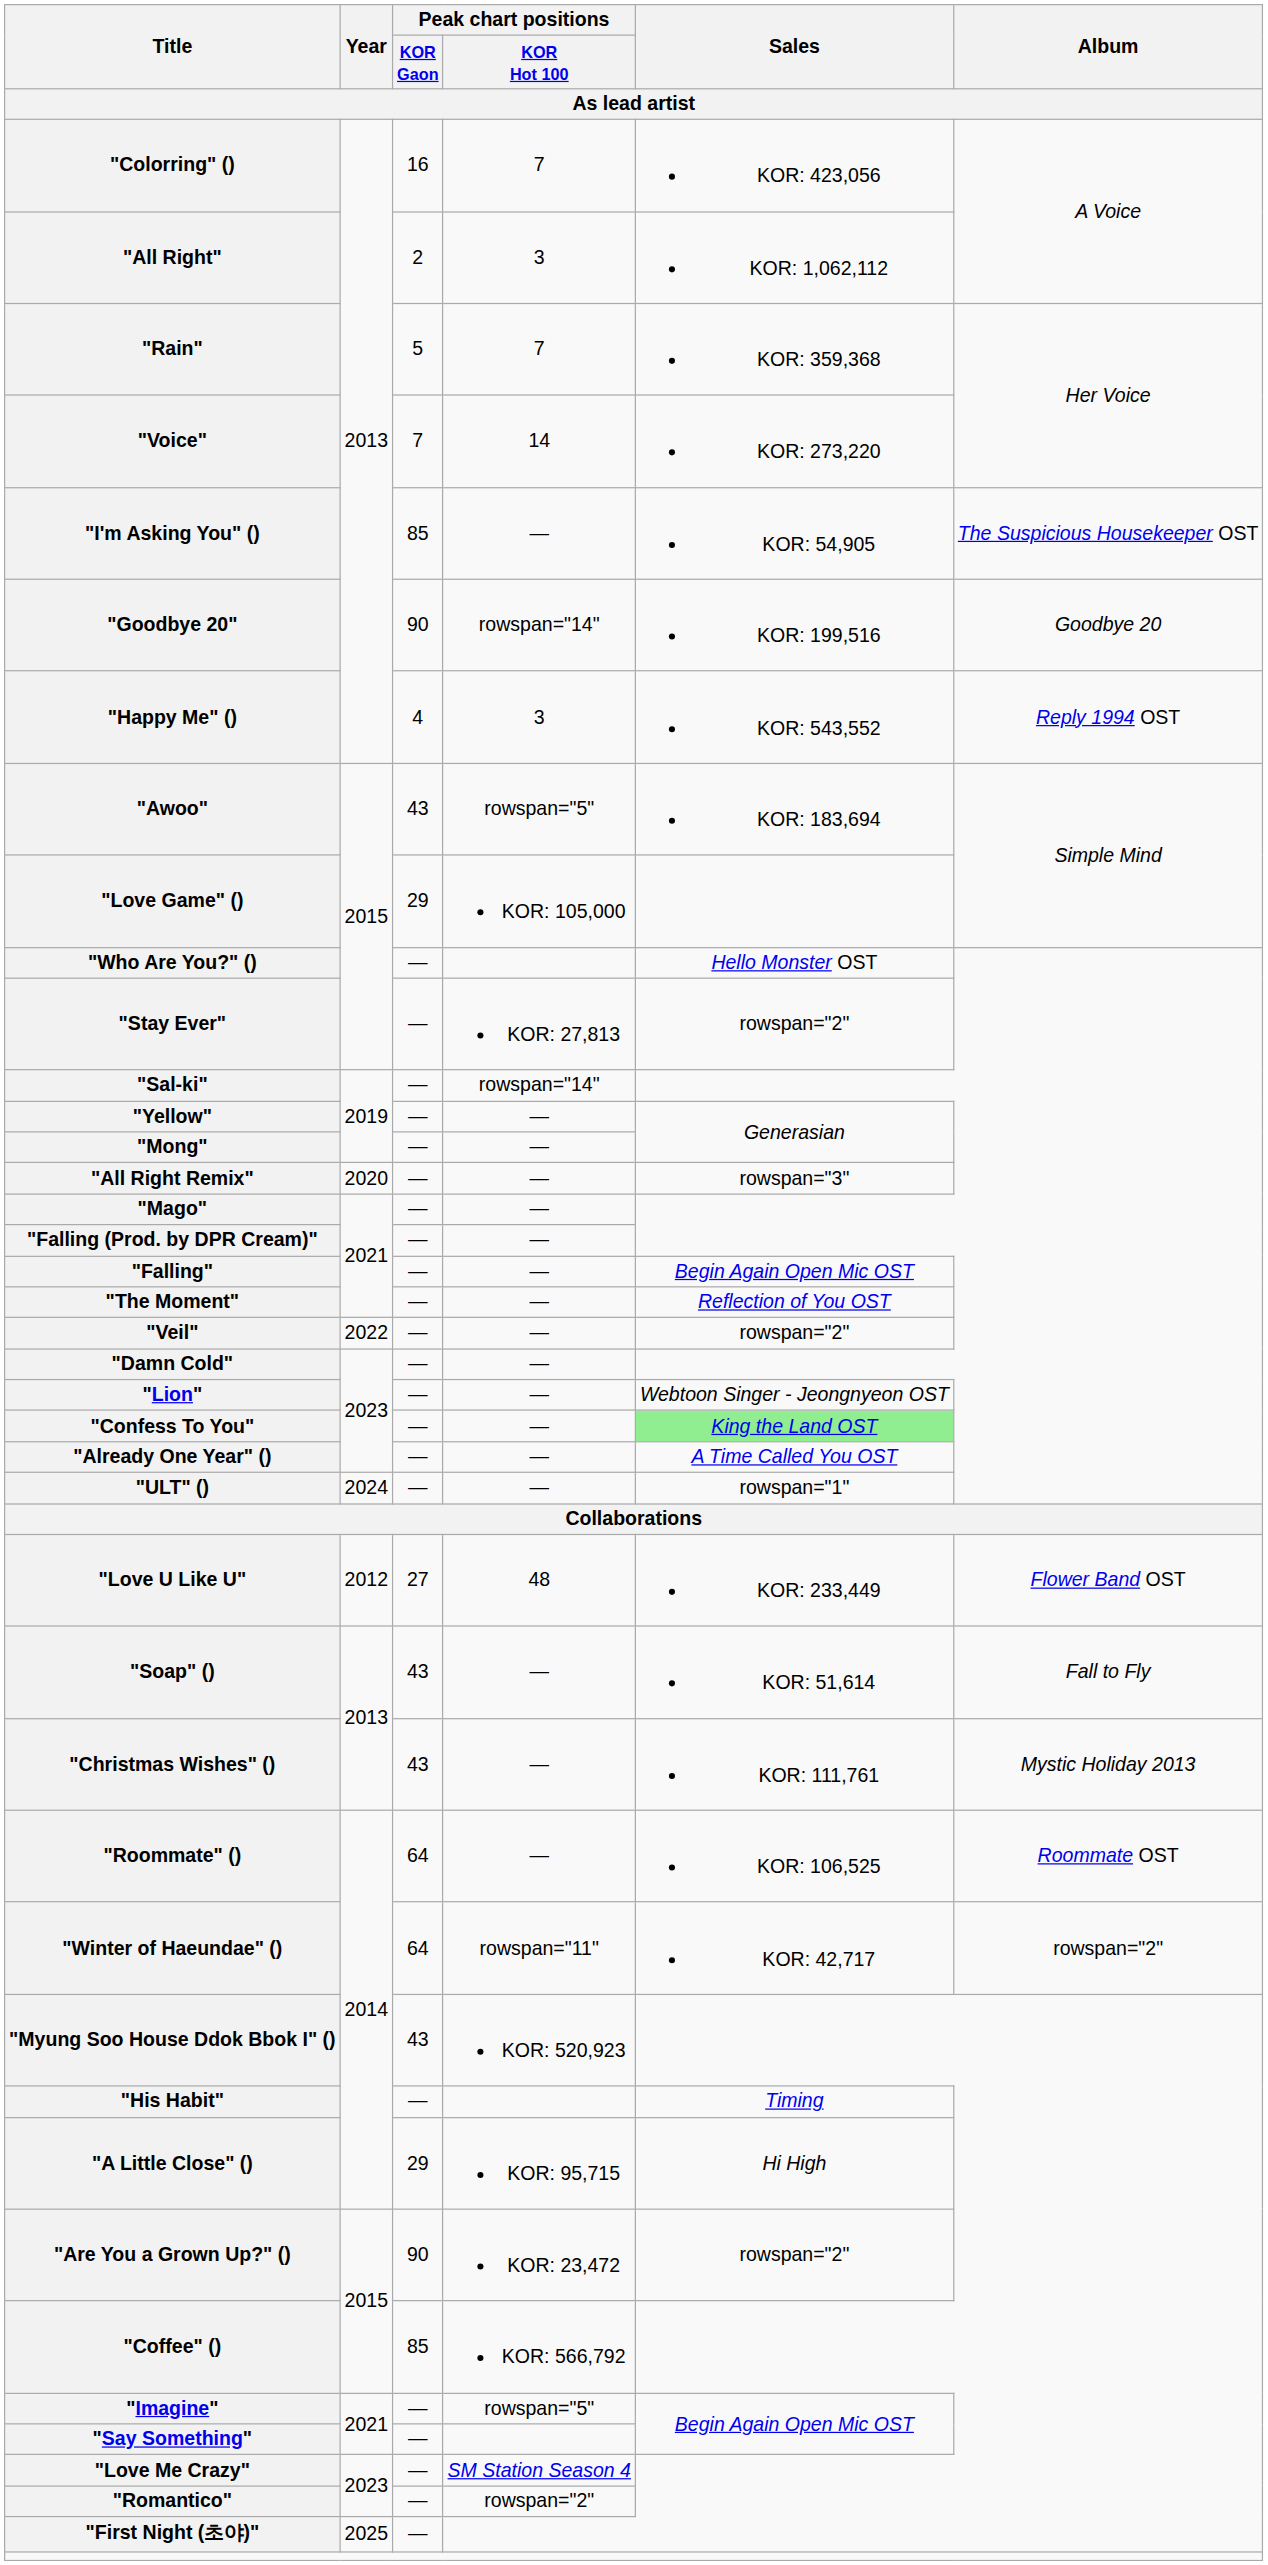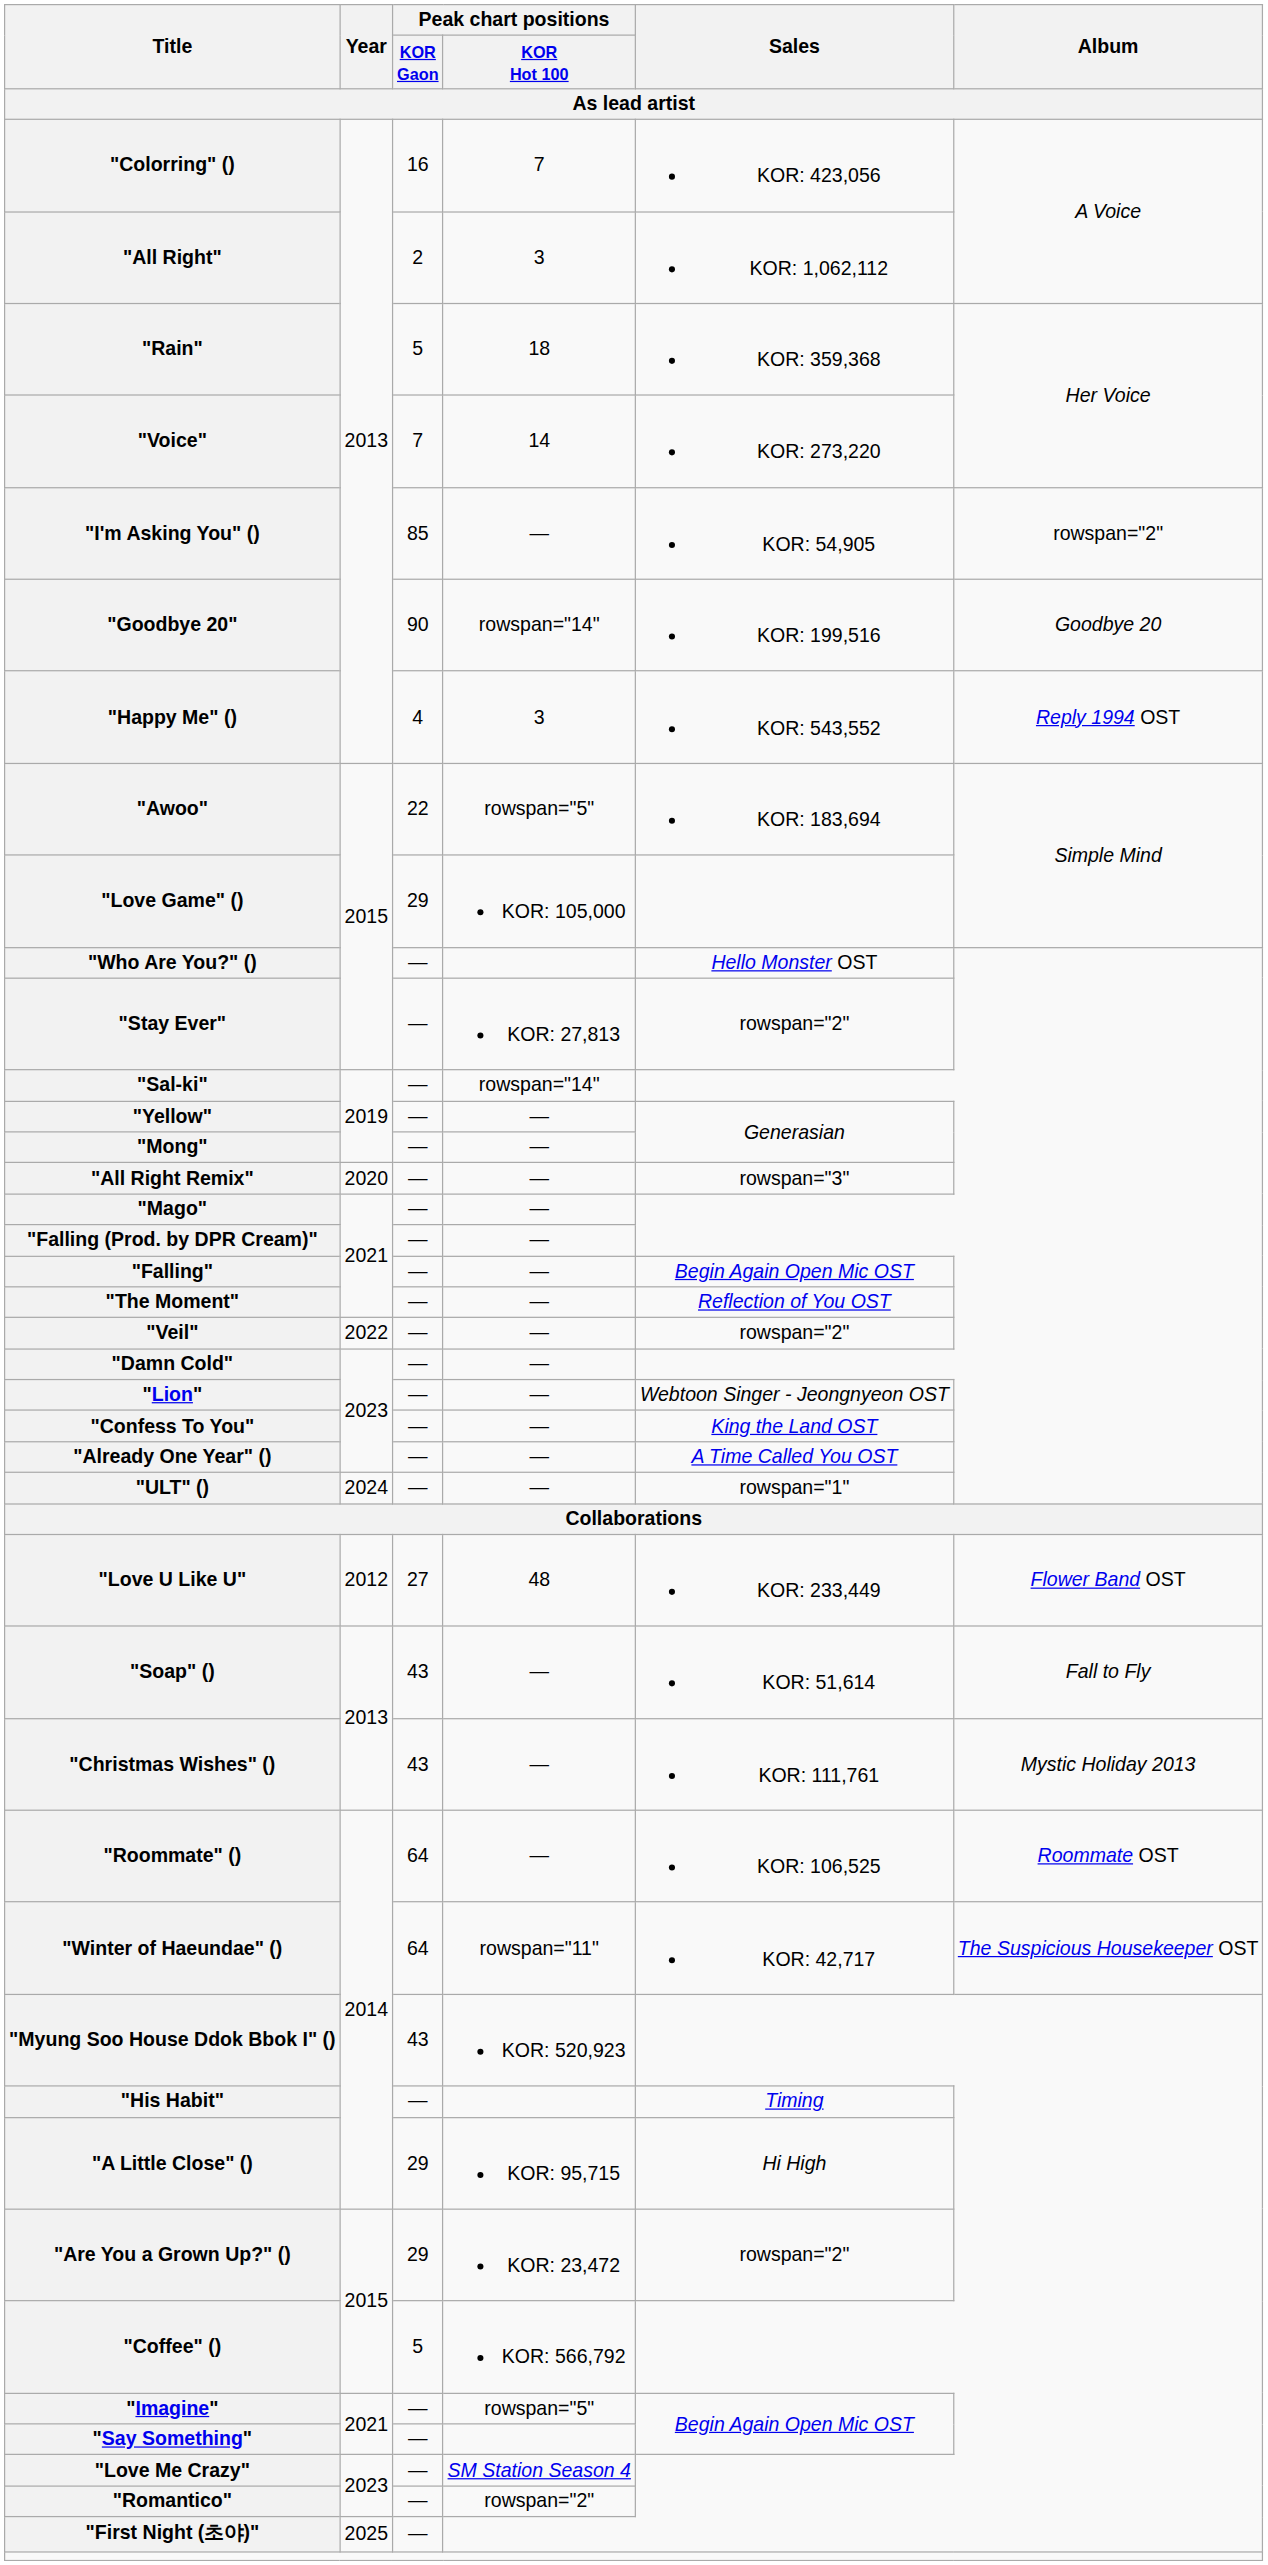 <table class="wikitable plainrowheaders" style="text-align:center;">
 <tr>
 <th scope="col" rowspan="2">Title</th>
 <th scope="col" rowspan="2">Year</th>
 <th scope="col" colspan="2" style="width:5em;">Peak chart positions</th>
 <th scope="col" rowspan="2">Sales</th>
 <th scope="col" rowspan="2">Album</th>
 </tr>
 <tr>
 <th><small><a href='#'>KOR<br>Gaon</a></small><br></th>
 <th><small><a href='#'>KOR<br>Hot 100</a></small><br></th>
 </tr>
 <tr>
 <th colspan="6">As lead artist</th>
 </tr>
 <tr>
 <th scope="row">"Colorring" ()</th>
 <td rowspan="7">2013</td>
 <td>16</td>
 <td>7</td>
 <td><br><ul><li>KOR: 423,056</li></ul></td>
 <td rowspan=2><em>A Voice</em></td>
 </tr>
 <tr>
 <th scope="row">"All Right"</th>
 <td>2</td>
 <td>3</td>
 <td><br><ul><li>KOR: 1,062,112</li></ul></td>
 </tr>
 <tr>
 <th scope="row">"Rain"</th>
 <td>5</td>
-<td>7</td>
+<td>18</td>
 <td><br><ul><li>KOR: 359,368</li></ul></td>
 <td rowspan=2><em>Her Voice</em></td>
 </tr>
 <tr>
 <th scope="row">"Voice"<br></th>
 <td>7</td>
 <td>14</td>
 <td><br><ul><li>KOR: 273,220</li></ul></td>
 </tr>
 <tr>
 <th scope="row">"I'm Asking You" ()</th>
 <td>85</td>
 <td>—</td>
 <td><br><ul><li>KOR: 54,905</li></ul></td>
-<td><em><a href='#'>The Suspicious Housekeeper</a></em> OST</td>
+<td>rowspan="2" </td>
 </tr>
 <tr>
 <th scope="row">"Goodbye 20"</th>
 <td>90</td>
 <td>rowspan="14" </td>
 <td><br><ul><li>KOR: 199,516</li></ul></td>
 <td><em>Goodbye 20</em></td>
 </tr>
 <tr>
 <th scope="row">"Happy Me" ()</th>
 <td>4</td>
 <td>3</td>
 <td><br><ul><li>KOR: 543,552</li></ul></td>
 <td><em><a href='#'>Reply 1994</a></em> OST</td>
 </tr>
 <tr>
 <th scope="row">"Awoo"</th>
 <td rowspan="4">2015</td>
-<td>43</td>
+<td>22</td>
 <td>rowspan="5" </td>
 <td><br><ul><li>KOR: 183,694</li></ul></td>
 <td rowspan="2"><em>Simple Mind</em></td>
 </tr>
 <tr>
 <th scope="row">"Love Game" ()</th>
 <td>29</td>
 <td><br><ul><li>KOR: 105,000</li></ul></td>
 </tr>
 <tr>
 <th scope="row">"Who Are You?" ()</th>
 <td>—</td>
 <td></td>
 <td><em><a href='#'>Hello Monster</a></em> OST</td>
 </tr>
 <tr>
 <th scope="row">"Stay Ever"<br></th>
 <td>—</td>
 <td><br><ul><li>KOR: 27,813</li></ul></td>
 <td>rowspan="2"</td>
 </tr>
 <tr>
 <th scope="row">"Sal-ki"</th>
 <td rowspan="3">2019</td>
 <td>—</td>
 <td>rowspan="14" </td>
 </tr>
 <tr>
 <th scope="row">"Yellow"</th>
 <td>—</td>
 <td>—</td>
 <td rowspan="2"><em>Generasian</em></td>
 </tr>
 <tr>
 <th scope="row">"Mong"</th>
 <td>—</td>
 <td>—</td>
 </tr>
 <tr>
 <th scope="row">"All Right Remix"</th>
 <td>2020</td>
 <td>—</td>
 <td>—</td>
 <td>rowspan="3" </td>
 </tr>
 <tr>
 <th scope="row">"Mago"</th>
 <td rowspan="4">2021</td>
 <td>—</td>
 <td>—</td>
 </tr>
 <tr>
 <th scope="row">"Falling (Prod. by DPR Cream)"</th>
 <td>—</td>
 <td>—</td>
 </tr>
 <tr>
 <th scope="row">"Falling"</th>
 <td>—</td>
 <td>—</td>
 <td><em><a href='#'>Begin Again Open Mic OST</a></em></td>
 </tr>
 <tr>
 <th scope="row">"The Moment"</th>
 <td>—</td>
 <td>—</td>
 <td><em><a href='#'>Reflection of You OST</a></em></td>
 </tr>
 <tr>
 <th scope="row">"Veil"</th>
 <td>2022</td>
 <td>—</td>
 <td>—</td>
 <td>rowspan="2" </td>
 </tr>
 <tr>
 <th scope="row">"Damn Cold"</th>
 <td rowspan="4">2023</td>
 <td>—</td>
 <td>—</td>
 </tr>
 <tr>
 <th scope="row">"<a href='#'>Lion</a>"</th>
 <td>—</td>
 <td>—</td>
 <td><em>Webtoon Singer - Jeongnyeon OST</em></td>
 </tr>
 <tr>
 <th scope="row">"Confess To You"</th>
 <td>—</td>
 <td>—</td>
-<td style="background: lightgreen;"><em><a href='#'>King the Land OST</a></em></td>
+<td><em><a href='#'>King the Land OST</a></em></td>
 </tr>
 <tr>
 <th scope="row">"Already One Year"  ()</th>
 <td>—</td>
 <td>—</td>
 <td><em><a href='#'>A Time Called You OST</a></em></td>
 </tr>
 <tr>
 <th scope="row">"ULT" ()</th>
 <td>2024</td>
 <td>—</td>
 <td>—</td>
 <td>rowspan="1" </td>
 </tr>
 <tr>
 <th colspan="6">Collaborations</th>
 </tr>
 <tr>
 <th scope="row">"Love U Like U"<br></th>
 <td>2012</td>
 <td>27</td>
 <td>48</td>
 <td><br><ul><li>KOR: 233,449</li></ul></td>
 <td><em><a href='#'>Flower Band</a></em> OST</td>
 </tr>
 <tr>
 <th scope="row">"Soap" ()<br></th>
 <td rowspan="2">2013</td>
 <td>43</td>
 <td>—</td>
 <td><br><ul><li>KOR: 51,614</li></ul></td>
 <td><em>Fall to Fly</em></td>
 </tr>
 <tr>
 <th scope="row">"Christmas Wishes" ()<br></th>
 <td>43</td>
 <td>—</td>
 <td><br><ul><li>KOR: 111,761</li></ul></td>
 <td><em>Mystic Holiday 2013</em></td>
 </tr>
 <tr>
 <th scope="row">"Roommate" ()<br></th>
 <td rowspan="5">2014</td>
 <td>64</td>
 <td>—</td>
 <td><br><ul><li>KOR: 106,525</li></ul></td>
 <td><em><a href='#'>Roommate</a></em> OST</td>
 </tr>
 <tr>
 <th scope="row">"Winter of Haeundae" ()<br></th>
 <td>64</td>
 <td>rowspan="11" </td>
 <td><br><ul><li>KOR: 42,717</li></ul></td>
-<td>rowspan="2" </td>
+<td><em><a href='#'>The Suspicious Housekeeper</a></em> OST</td>
 </tr>
 <tr>
 <th scope="row">"Myung Soo House Ddok Bbok I" ()<br></th>
 <td>43</td>
 <td><br><ul><li>KOR: 520,923</li></ul></td>
 </tr>
 <tr>
 <th scope="row">"His Habit"<br></th>
 <td>—</td>
 <td></td>
 <td><em><a href='#'>Timing</a></em></td>
 </tr>
 <tr>
 <th scope="row">"A Little Close" ()<br></th>
 <td>29</td>
 <td><br><ul><li>KOR: 95,715</li></ul></td>
 <td><em>Hi High</em></td>
 </tr>
 <tr>
 <th scope="row">"Are You a Grown Up?" ()<br></th>
 <td rowspan="2">2015</td>
-<td>90</td>
+<td>29</td>
 <td><br><ul><li>KOR: 23,472</li></ul></td>
 <td>rowspan="2" </td>
 </tr>
 <tr>
 <th scope="row">"Coffee" ()<br></th>
-<td>85</td>
+<td>5</td>
 <td><br><ul><li>KOR: 566,792</li></ul></td>
 </tr>
 <tr>
 <th scope="row">"<a href='#'>Imagine</a>"<br></th>
 <td rowspan="2">2021</td>
 <td>—</td>
 <td>rowspan="5" </td>
 <td rowspan="2"><em><a href='#'>Begin Again Open Mic OST</a></em></td>
 </tr>
 <tr>
 <th scope="row">"<a href='#'>Say Something</a>"<br></th>
 <td>—</td>
 </tr>
 <tr>
 <th scope="row">"Love Me Crazy"<br></th>
 <td rowspan="2">2023</td>
 <td>—</td>
 <td><em><a href='#'>SM Station Season 4</a></em></td>
 </tr>
 <tr>
 <th scope="row">"Romantico"<br></th>
 <td>—</td>
 <td>rowspan="2" </td>
 </tr>
 <tr>
 <th scope="row">"First Night (초야)"<br></th>
 <td>2025</td>
 <td>—</td>
 </tr>
 <tr>
 <td colspan="6"></td>
 </tr>
 </table>
